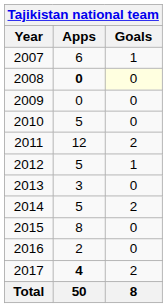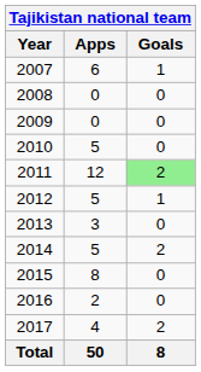 <table class="wikitable" style="text-align:center">
 <tr>
 <th colspan=3><a href='#'>Tajikistan national team</a></th>
 </tr>
 <tr>
 <th>Year</th>
 <th>Apps</th>
 <th>Goals</th>
 </tr>
 <tr>
 <td>2007</td>
 <td>6</td>
 <td>1</td>
 </tr>
 <tr>
 <td>2008</td>
-<td><strong>0</strong></td>
-<td style="background: lightyellow;">0</td>
+<td>0</td>
+<td>0</td>
 </tr>
 <tr>
 <td>2009</td>
 <td>0</td>
 <td>0</td>
 </tr>
 <tr>
 <td>2010</td>
 <td>5</td>
 <td>0</td>
 </tr>
 <tr>
 <td>2011</td>
 <td>12</td>
-<td>2</td>
+<td style="background: lightgreen;">2</td>
 </tr>
 <tr>
 <td>2012</td>
 <td>5</td>
 <td>1</td>
 </tr>
 <tr>
 <td>2013</td>
 <td>3</td>
 <td>0</td>
 </tr>
 <tr>
 <td>2014</td>
 <td>5</td>
 <td>2</td>
 </tr>
 <tr>
 <td>2015</td>
 <td>8</td>
 <td>0</td>
 </tr>
 <tr>
 <td>2016</td>
 <td>2</td>
 <td>0</td>
 </tr>
 <tr>
 <td>2017</td>
-<td><strong>4</strong></td>
+<td>4</td>
 <td>2</td>
 </tr>
 <tr>
 <th>Total</th>
 <th>50</th>
 <th>8</th>
 </tr>
 </table>
